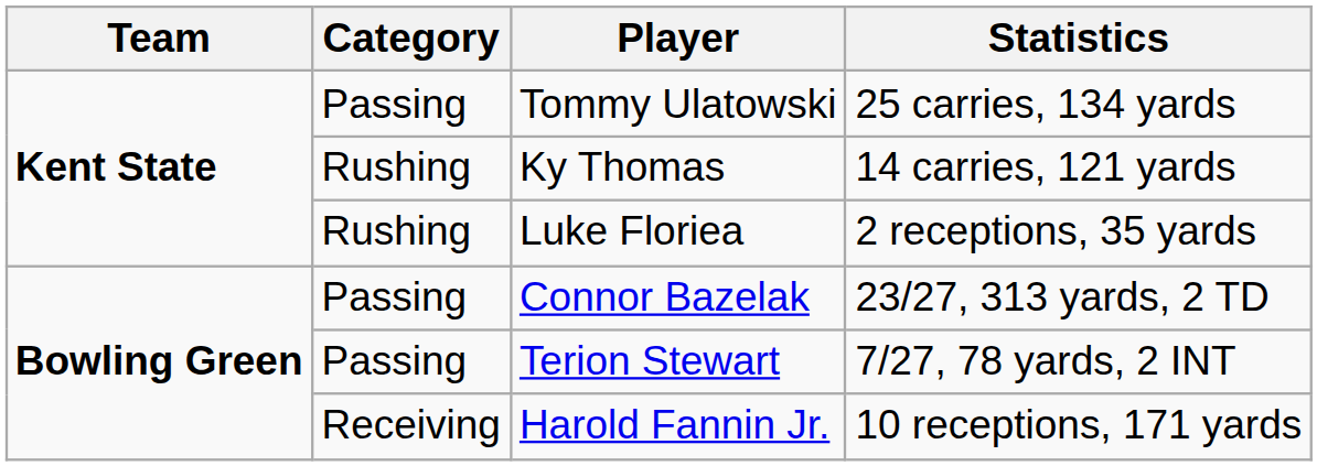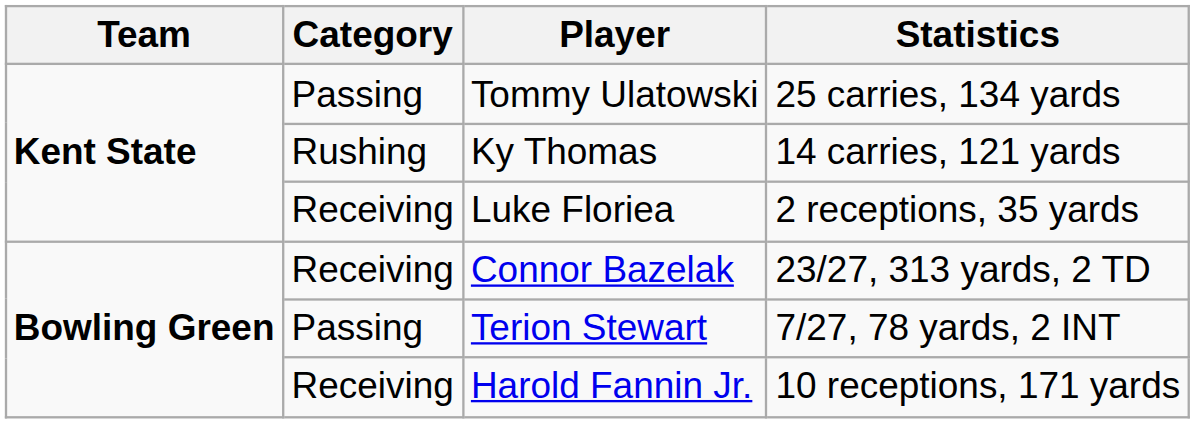 <table class="wikitable" style="float: right;">
 <tr>
 <th>Team</th>
 <th>Category</th>
 <th>Player</th>
 <th>Statistics</th>
 </tr>
 <tr>
 <td rowspan=3><strong>Kent State</strong></td>
 <td>Passing</td>
 <td>Tommy Ulatowski</td>
 <td>25 carries, 134 yards</td>
 </tr>
 <tr>
 <td>Rushing</td>
 <td>Ky Thomas</td>
 <td>14 carries, 121 yards</td>
 </tr>
 <tr>
-<td>Rushing</td>
+<td>Receiving</td>
 <td>Luke Floriea</td>
 <td>2 receptions, 35 yards</td>
 </tr>
 <tr>
 <td rowspan=3><strong>Bowling Green</strong></td>
-<td>Passing</td>
+<td>Receiving</td>
 <td><a href='#'>Connor Bazelak</a></td>
 <td>23/27, 313 yards, 2 TD</td>
 </tr>
 <tr>
 <td>Passing</td>
 <td><a href='#'>Terion Stewart</a></td>
 <td>7/27, 78 yards, 2 INT</td>
 </tr>
 <tr>
 <td>Receiving</td>
 <td><a href='#'>Harold Fannin Jr.</a></td>
 <td>10 receptions, 171 yards</td>
 </tr>
 </table>
